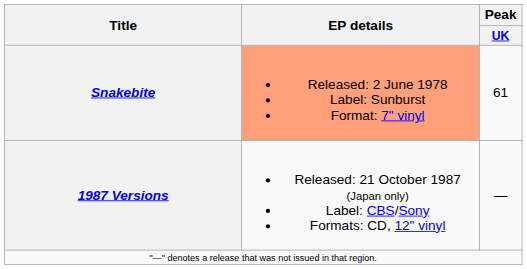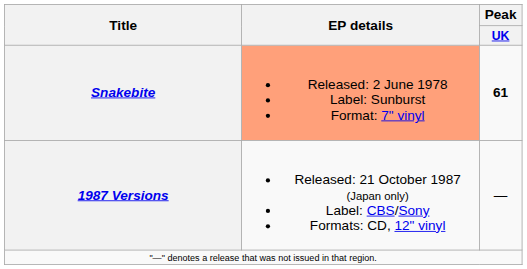 <table class="wikitable plainrowheaders" style="text-align:center;">
 <tr>
 <th scope="col" rowspan="2" style="width:17em;">Title</th>
 <th scope="col" rowspan="2" style="width:17em;">EP details</th>
 <th scope="col" colspan="2">Peak</th>
 </tr>
 <tr>
 <th scope="col" style="width:3em;font-size:90%;"><a href='#'>UK</a><br></th>
 </tr>
 <tr>
 <th scope="row"><em><a href='#'>Snakebite</a></em></th>
 <td style="background: lightsalmon;"><br><ul><li>Released: 2 June 1978</li><li>Label: Sunburst</li><li>Format: <a href='#'>7" vinyl</a></li></ul></td>
-<td>61</td>
+<td><strong>61</strong></td>
 </tr>
 <tr>
 <th scope="row"><em><a href='#'>1987 Versions</a></em></th>
 <td><br><ul><li>Released: 21 October 1987 <small>(Japan only)</small></li><li>Label: <a href='#'>CBS</a>/<a href='#'>Sony</a></li><li>Formats: CD, <a href='#'>12" vinyl</a></li></ul></td>
 <td>—</td>
 </tr>
 <tr>
 <td align="center" colspan="3" style="font-size: 8pt">"—" denotes a release that was not issued in that region.</td>
 </tr>
 </table>
